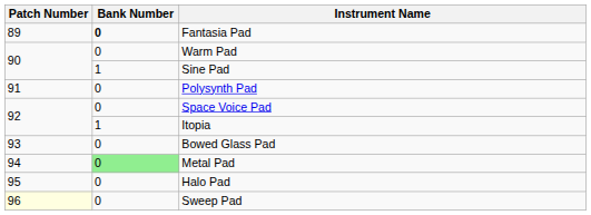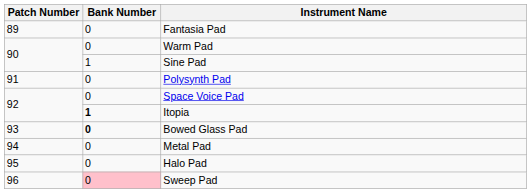 <table width="50%" class="wikitable">
 <tr>
 <th width="15%">Patch Number</th>
 <th width="15%">Bank Number</th>
 <th width="70%">Instrument Name</th>
 </tr>
 <tr>
 <td>89</td>
-<td><strong>0</strong></td>
+<td>0</td>
 <td>Fantasia Pad</td>
 </tr>
 <tr>
 <td rowspan=2>90</td>
 <td>0</td>
 <td>Warm Pad</td>
 </tr>
 <tr>
 <td>1</td>
 <td>Sine Pad</td>
 </tr>
 <tr>
 <td>91</td>
 <td>0</td>
 <td><a href='#'>Polysynth Pad</a></td>
 </tr>
 <tr>
 <td rowspan=2>92</td>
 <td>0</td>
 <td><a href='#'>Space Voice Pad</a></td>
 </tr>
 <tr>
-<td>1</td>
+<td><strong>1</strong></td>
 <td>Itopia</td>
 </tr>
 <tr>
 <td>93</td>
-<td>0</td>
+<td><strong>0</strong></td>
 <td>Bowed Glass Pad</td>
 </tr>
 <tr>
 <td>94</td>
-<td style="background: lightgreen;">0</td>
+<td>0</td>
 <td>Metal Pad</td>
 </tr>
 <tr>
 <td>95</td>
 <td>0</td>
 <td>Halo Pad</td>
 </tr>
 <tr>
-<td style="background: lightyellow;">96</td>
-<td>0</td>
+<td>96</td>
+<td style="background: pink;">0</td>
 <td>Sweep Pad</td>
 </tr>
 </table>
